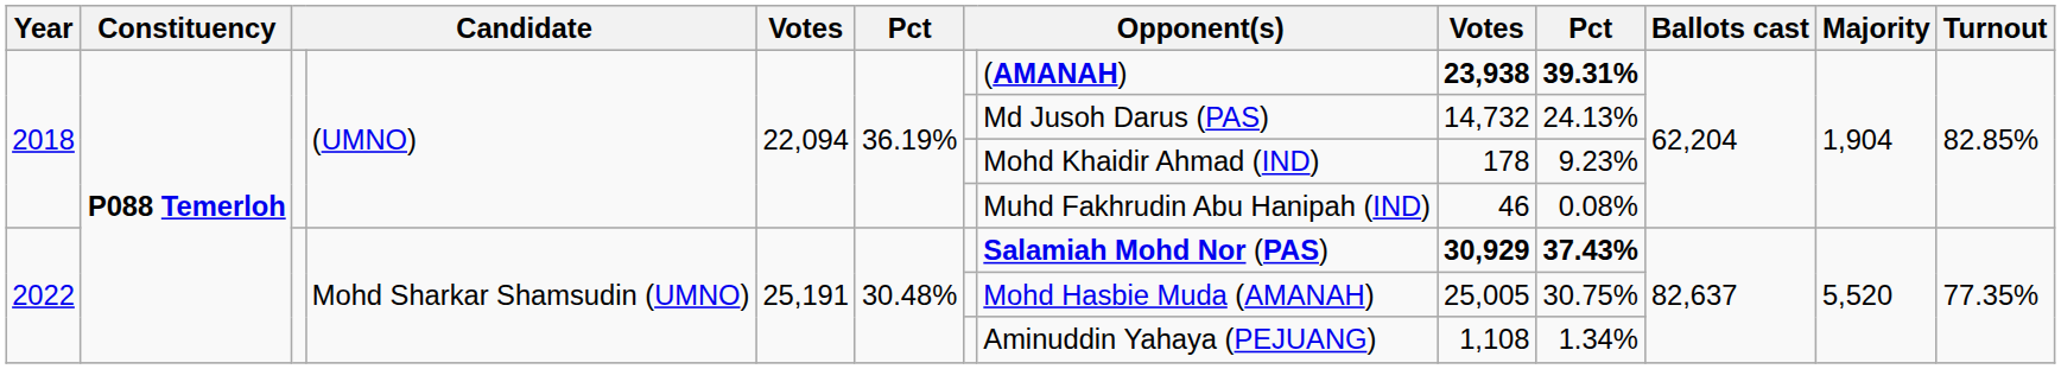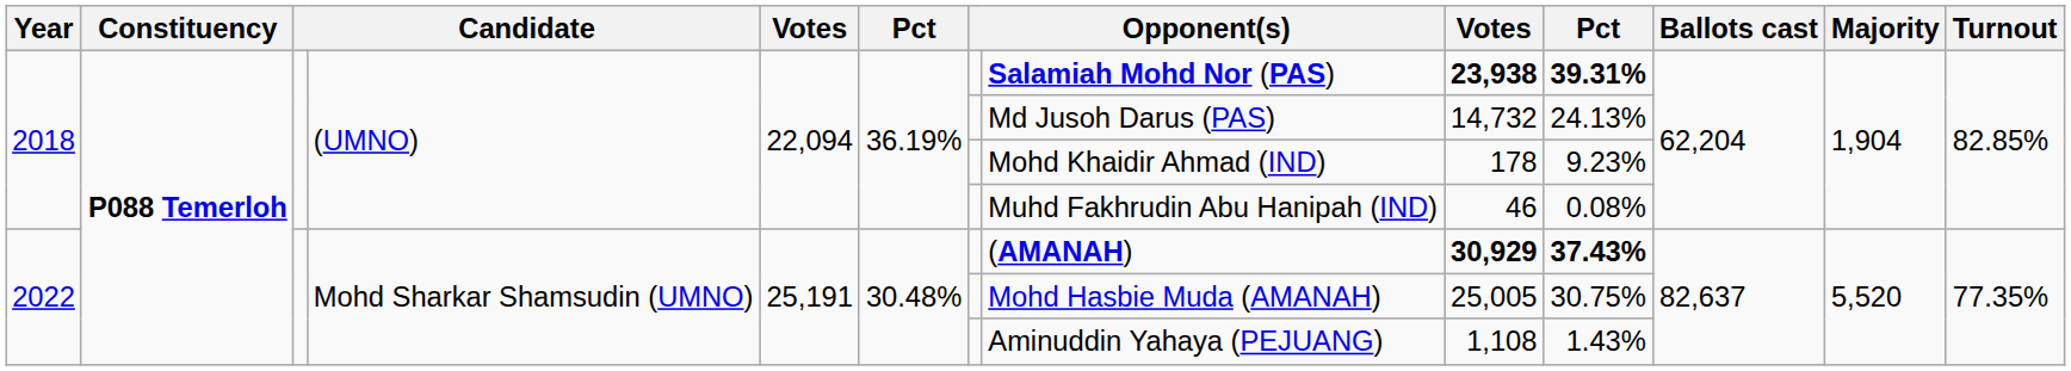 <table class="wikitable" style="margin:0.5em ; font-size:95%">
 <tr>
 <th>Year</th>
 <th>Constituency</th>
 <th colspan=2>Candidate</th>
 <th>Votes</th>
 <th>Pct</th>
 <th colspan=2>Opponent(s)</th>
 <th>Votes</th>
 <th>Pct</th>
 <th>Ballots cast</th>
 <th>Majority</th>
 <th>Turnout</th>
 </tr>
 <tr>
 <td rowspan=4><a href='#'>2018</a></td>
 <td rowspan=7><strong>P088 <a href='#'>Temerloh</a></strong></td>
 <td rowspan=4 ></td>
 <td rowspan=4> (<a href='#'>UMNO</a>)</td>
 <td rowspan=4 align=right>22,094</td>
 <td rowspan=4>36.19%</td>
 <td></td>
-<td> (<a href='#'><strong>AMANAH</strong></a>)</td>
+<td><strong><a href='#'>Salamiah Mohd Nor</a></strong> (<a href='#'><strong>PAS</strong></a>)</td>
 <td align=right><strong>23,938</strong></td>
 <td><strong>39.31%</strong></td>
 <td rowspan="4">62,204</td>
 <td rowspan="4">1,904</td>
 <td rowspan="4">82.85%</td>
 </tr>
 <tr>
 <td></td>
 <td>Md Jusoh Darus (<a href='#'>PAS</a>)</td>
 <td align=right>14,732</td>
 <td>24.13%</td>
 </tr>
 <tr>
 <td></td>
 <td>Mohd Khaidir Ahmad (<a href='#'>IND</a>)</td>
 <td align=right>178</td>
 <td align=right>9.23%</td>
 </tr>
 <tr>
 <td></td>
 <td>Muhd Fakhrudin Abu Hanipah (<a href='#'>IND</a>)</td>
 <td align=right>46</td>
 <td align=right>0.08%</td>
 </tr>
 <tr>
 <td rowspan="3"><a href='#'>2022</a></td>
 <td rowspan="3" ></td>
 <td rowspan="3">Mohd Sharkar Shamsudin (<a href='#'>UMNO</a>)</td>
 <td rowspan="3" align=right>25,191</td>
 <td rowspan="3">30.48%</td>
 <td bgcolor=></td>
-<td><strong><a href='#'>Salamiah Mohd Nor</a></strong> (<a href='#'><strong>PAS</strong></a>)</td>
+<td> (<a href='#'><strong>AMANAH</strong></a>)</td>
 <td align=right><strong>30,929</strong></td>
 <td><strong>37.43%</strong></td>
 <td rowspan="3">82,637</td>
 <td rowspan="3">5,520</td>
 <td rowspan="3">77.35%</td>
 </tr>
 <tr>
 <td></td>
 <td><a href='#'>Mohd Hasbie Muda</a> (<a href='#'>AMANAH</a>)</td>
 <td align=right>25,005</td>
 <td>30.75%</td>
 </tr>
 <tr>
 <td bgcolor=></td>
 <td>Aminuddin Yahaya (<a href='#'>PEJUANG</a>)</td>
 <td align=right>1,108</td>
-<td align=right>1.34%</td>
+<td align=right>1.43%</td>
 </tr>
 </table>
